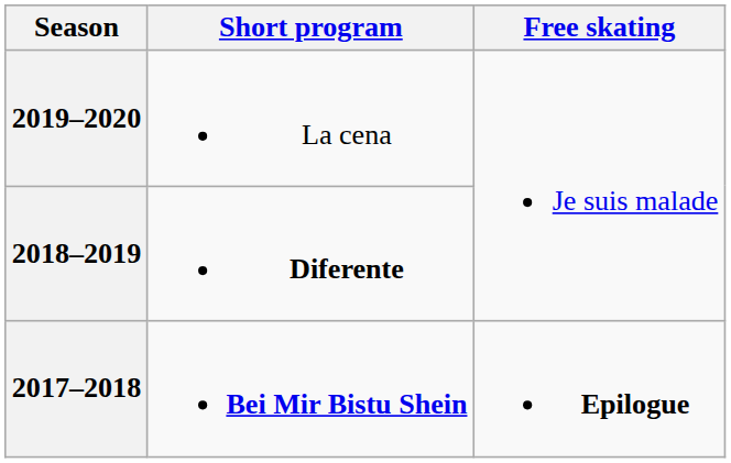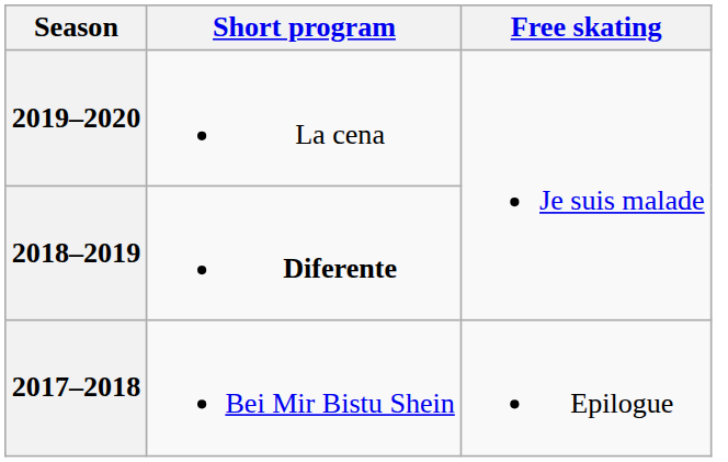 <table class=wikitable style=text-align:center>
 <tr>
 <th>Season</th>
 <th><a href='#'>Short program</a></th>
 <th><a href='#'>Free skating</a></th>
 </tr>
 <tr>
 <th>2019–2020 <br> </th>
 <td><br><ul><li>La cena <br></li></ul></td>
 <td rowspan=2><br><ul><li><a href='#'>Je suis malade</a> <br></li></ul></td>
 </tr>
 <tr>
 <th>2018–2019 <br> </th>
 <td><strong><br><ul><li>Diferente <br></li></ul></strong></td>
 </tr>
 <tr>
 <th>2017–2018 <br> </th>
-<td><strong><br><ul><li><a href='#'>Bei Mir Bistu Shein</a> <br></li></ul></strong></td>
-<td><strong><br><ul><li>Epilogue</li></ul></strong></td>
+<td><br><ul><li><a href='#'>Bei Mir Bistu Shein</a> <br></li></ul></td>
+<td><br><ul><li>Epilogue</li></ul></td>
 </tr>
 </table>
